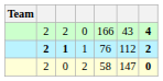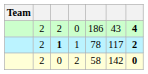 <table class="wikitable" style="text-align:center;">
 <tr>
 <th>Team</th>
 <th width=20></th>
 <th width=20></th>
 <th width=20></th>
 <th width=20></th>
 <th width=20></th>
 <th width=20></th>
 </tr>
 <tr bgcolor="#ccffcc">
 <td align=left></td>
 <td>2</td>
 <td>2</td>
 <td>0</td>
-<td>166</td>
+<td>186</td>
 <td>43</td>
 <td><strong>4</strong></td>
 </tr>
 <tr bgcolor="#BBF3FF">
 <td align=left></td>
-<td><strong>2</strong></td>
+<td>2</td>
 <td><strong>1</strong></td>
 <td>1</td>
-<td>76</td>
-<td>112</td>
+<td>78</td>
+<td>117</td>
 <td><strong>2</strong></td>
 </tr>
 <tr bgcolor="#FFFFD7">
 <td align=left></td>
 <td>2</td>
 <td>0</td>
 <td>2</td>
 <td>58</td>
-<td>147</td>
+<td>142</td>
 <td><strong>0</strong></td>
 </tr>
 </table>
